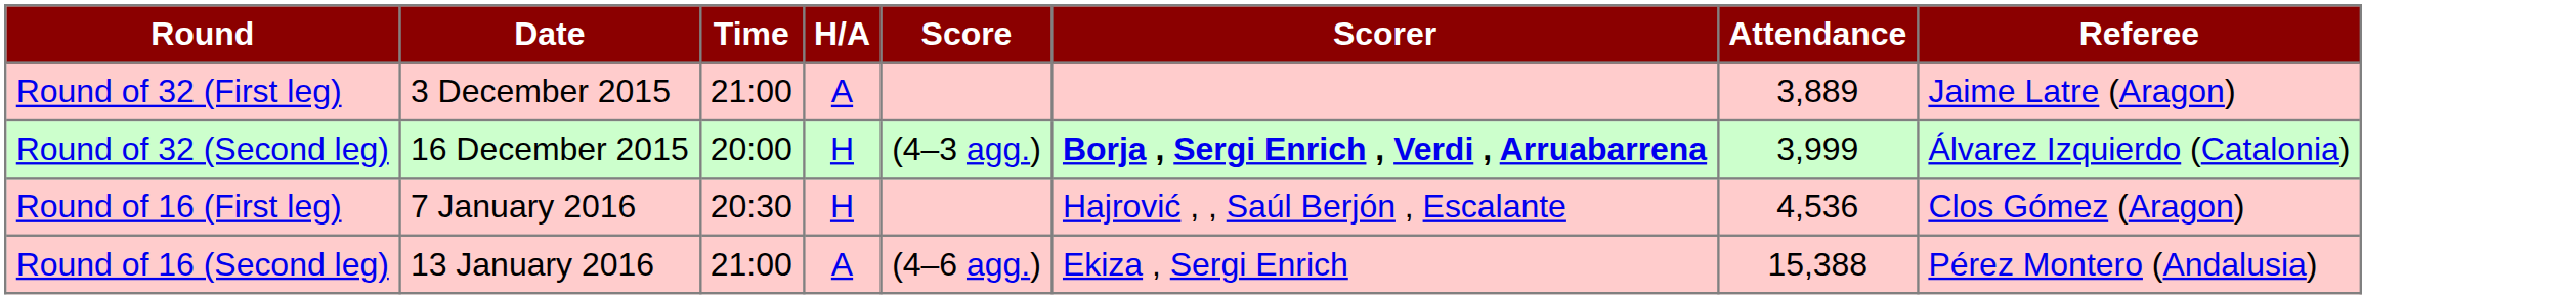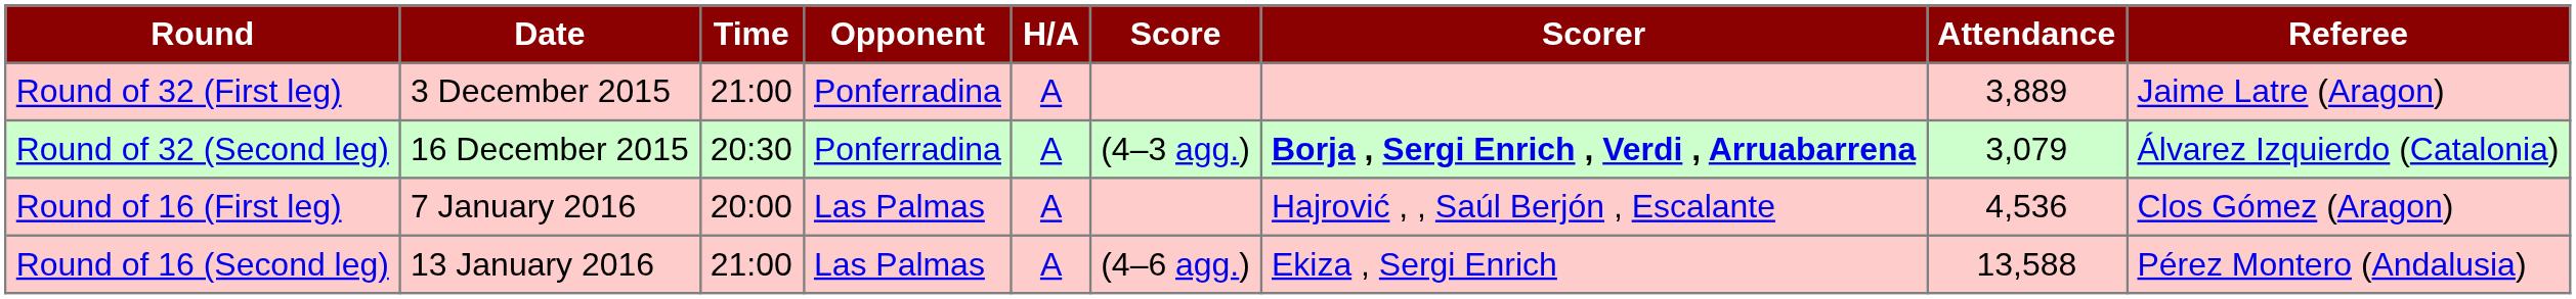 <table cellpadding="4" cellspacing="0" border="1" style="text-align: center; font-size: 85%; border: gray solid 1px; border-collapse: collapse;">
 <tr style="background:#8B0000; color:white;">
 <th>Round</th>
 <th>Date</th>
 <th>Time</th>
+<th>Opponent</th>
 <th>H/A</th>
 <th>Score</th>
 <th>Scorer</th>
 <th>Attendance</th>
 <th>Referee</th>
 </tr>
 <tr bgcolor="#FFCCCC">
 <td align="left"><a href='#'>Round of 32 (First leg)</a></td>
 <td align="left">3 December 2015</td>
 <td>21:00</td>
+<td align="left"><a href='#'>Ponferradina</a></td>
 <td><a href='#'>A</a></td>
 <td></td>
 <td align="left"></td>
 <td>3,889</td>
 <td align="left"><a href='#'>Jaime Latre</a> (<a href='#'>Aragon</a>)</td>
 </tr>
 <tr bgcolor="#CCFFCC">
 <td align="left"><a href='#'>Round of 32 (Second leg)</a></td>
 <td align="left">16 December 2015</td>
-<td>20:00</td>
-<td><a href='#'>H</a></td>
+<td>20:30</td>
+<td align="left"><a href='#'>Ponferradina</a></td>
+<td><a href='#'>A</a></td>
 <td> (4–3 <a href='#'>agg.</a>)</td>
 <td align="left"><strong><a href='#'>Borja</a> , <a href='#'>Sergi Enrich</a> , <a href='#'>Verdi</a> , <a href='#'>Arruabarrena</a> </strong></td>
-<td>3,999</td>
+<td>3,079</td>
 <td align="left"><a href='#'>Álvarez Izquierdo</a>  (<a href='#'>Catalonia</a>)</td>
 </tr>
 <tr bgcolor="#FFCCCC">
 <td align="left"><a href='#'>Round of 16 (First leg)</a></td>
 <td align="left">7 January 2016</td>
-<td>20:30</td>
-<td><a href='#'>H</a></td>
+<td>20:00</td>
+<td align="left"><a href='#'>Las Palmas</a></td>
+<td><a href='#'>A</a></td>
 <td></td>
 <td align="left"><a href='#'>Hajrović</a> , , <a href='#'>Saúl Berjón</a> , <a href='#'>Escalante</a> </td>
 <td>4,536</td>
 <td align="left"><a href='#'>Clos Gómez</a> (<a href='#'>Aragon</a>)</td>
 </tr>
 <tr bgcolor="#FFCCCC">
 <td align="left"><a href='#'>Round of 16 (Second leg)</a></td>
 <td align="left">13 January 2016</td>
 <td>21:00</td>
+<td align="left"><a href='#'>Las Palmas</a></td>
 <td><a href='#'>A</a></td>
 <td> (4–6 <a href='#'>agg.</a>)</td>
 <td align="left"><a href='#'>Ekiza</a> , <a href='#'>Sergi Enrich</a> </td>
-<td>15,388</td>
+<td>13,588</td>
 <td align="left"><a href='#'>Pérez Montero</a> (<a href='#'>Andalusia</a>)</td>
 </tr>
 </table>
